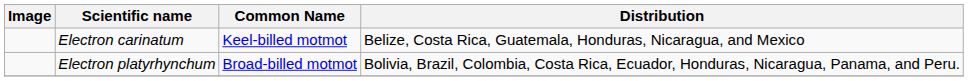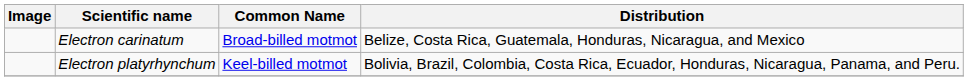 <table class="wikitable">
 <tr>
 <th>Image</th>
 <th>Scientific name</th>
 <th>Common Name</th>
 <th>Distribution</th>
 </tr>
 <tr>
 <td></td>
 <td><em>Electron carinatum</em></td>
-<td><a href='#'>Keel-billed motmot</a></td>
+<td><a href='#'>Broad-billed motmot</a></td>
 <td>Belize, Costa Rica, Guatemala, Honduras, Nicaragua, and Mexico</td>
 </tr>
 <tr>
 <td></td>
 <td><em>Electron platyrhynchum</em></td>
-<td><a href='#'>Broad-billed motmot</a></td>
+<td><a href='#'>Keel-billed motmot</a></td>
 <td>Bolivia, Brazil, Colombia, Costa Rica, Ecuador, Honduras, Nicaragua, Panama, and Peru.</td>
 </tr>
 <tr>
 </tr>
 </table>
